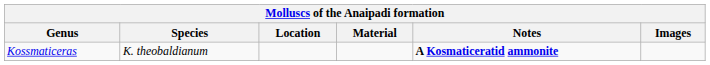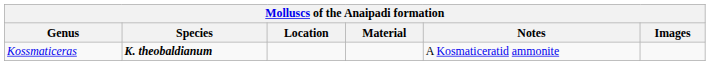 <table class="wikitable" align="center" width="75%">
 <tr>
 <th colspan="6" align="center"><a href='#'>Molluscs</a> of the Anaipadi formation</th>
 </tr>
 <tr>
 <th>Genus</th>
 <th>Species</th>
 <th>Location</th>
 <th>Material</th>
 <th>Notes</th>
 <th>Images</th>
 </tr>
 <tr>
 <td><em><a href='#'>Kossmaticeras</a></em></td>
-<td><em>K. theobaldianum</em></td>
+<td><strong><em>K. theobaldianum</em></strong></td>
 <td></td>
 <td></td>
-<td><strong>A <a href='#'>Kosmaticeratid</a> <a href='#'>ammonite</a></strong></td>
+<td>A <a href='#'>Kosmaticeratid</a> <a href='#'>ammonite</a></td>
 </tr>
 </table>
